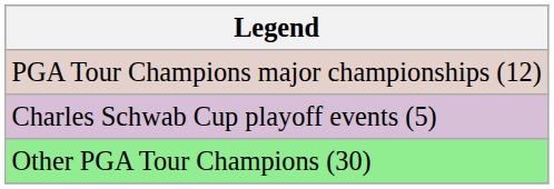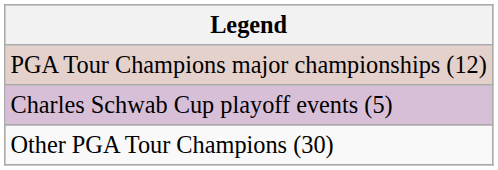 <table class="wikitable" style="font-size:95%;">
 <tr>
 <th>Legend</th>
 </tr>
 <tr style="background:#e5d1cb;">
 <td>PGA Tour Champions major championships (12)</td>
 </tr>
 <tr style="background:thistle">
 <td>Charles Schwab Cup playoff events (5)</td>
 </tr>
 <tr>
-<td style="background: lightgreen;">Other PGA Tour Champions (30)</td>
+<td>Other PGA Tour Champions (30)</td>
 </tr>
 </table>
